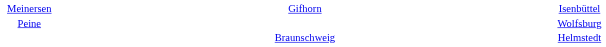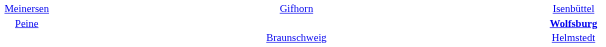 <table width="60%" border="0">
 <tr ---- align="center">
 <td width ="15"><a href='#'>Meinersen</a></td>
 <td width ="15"><a href='#'>Gifhorn</a></td>
 <td width ="15"><a href='#'>Isenbüttel</a></td>
 </tr>
 <tr ---- align="center">
 <td width ="15"><a href='#'>Peine</a></td>
 <td width ="15"></td>
-<td width ="15"><a href='#'>Wolfsburg</a></td>
+<td width ="15"><strong><a href='#'>Wolfsburg</a></strong></td>
 </tr>
 <tr ---- align="center">
 <td width ="15"></td>
 <td width ="15"><a href='#'>Braunschweig</a></td>
 <td width ="15"><a href='#'>Helmstedt</a></td>
 </tr>
 </table>
